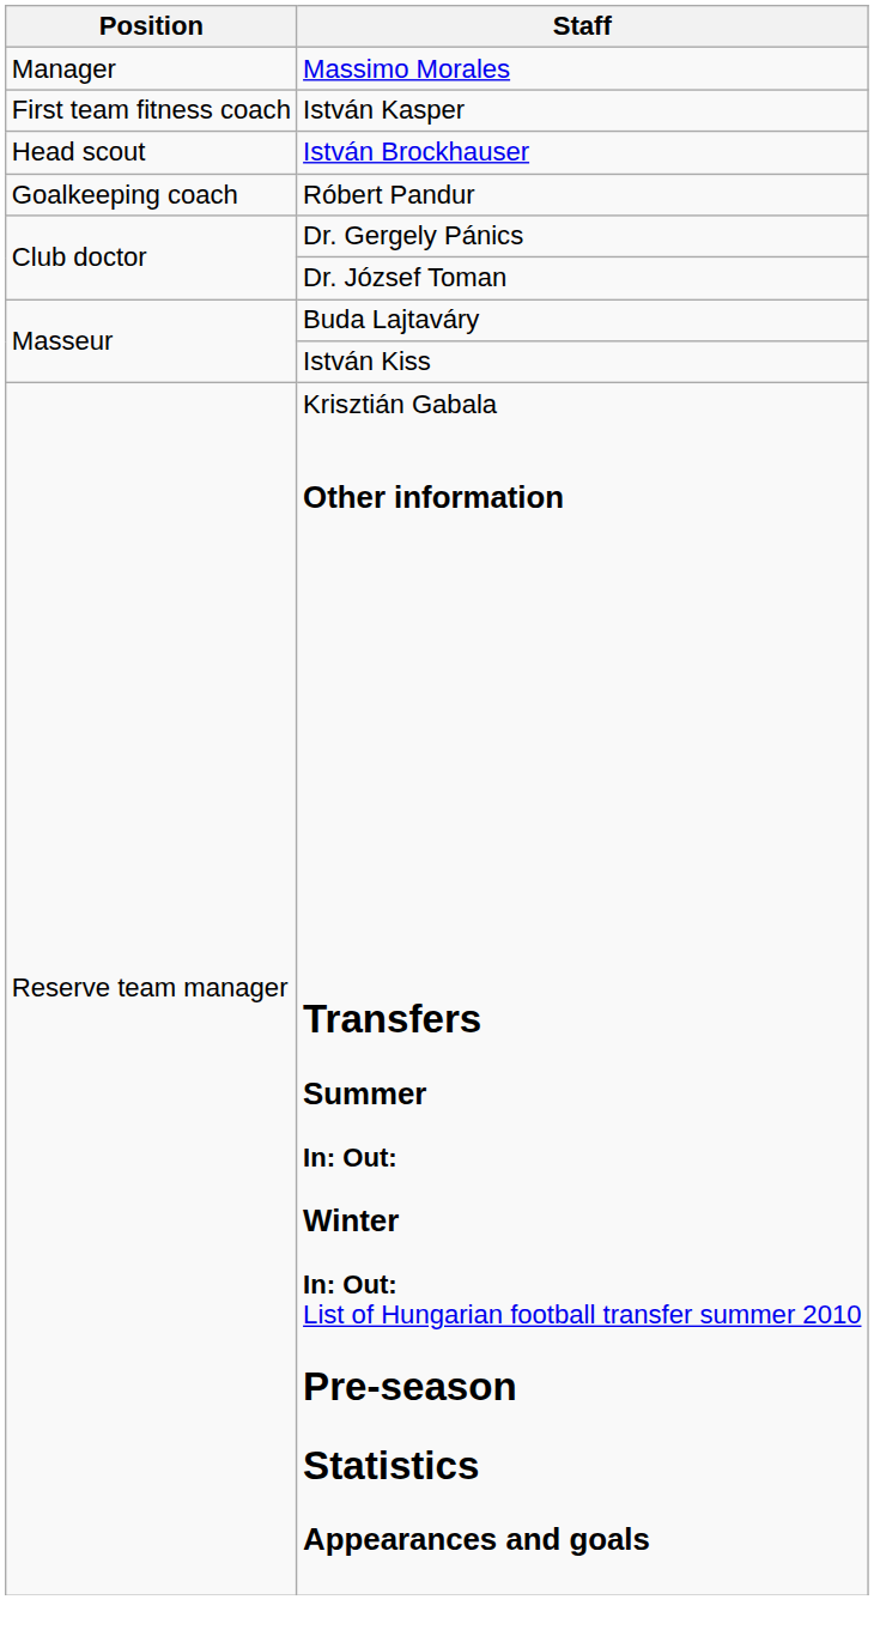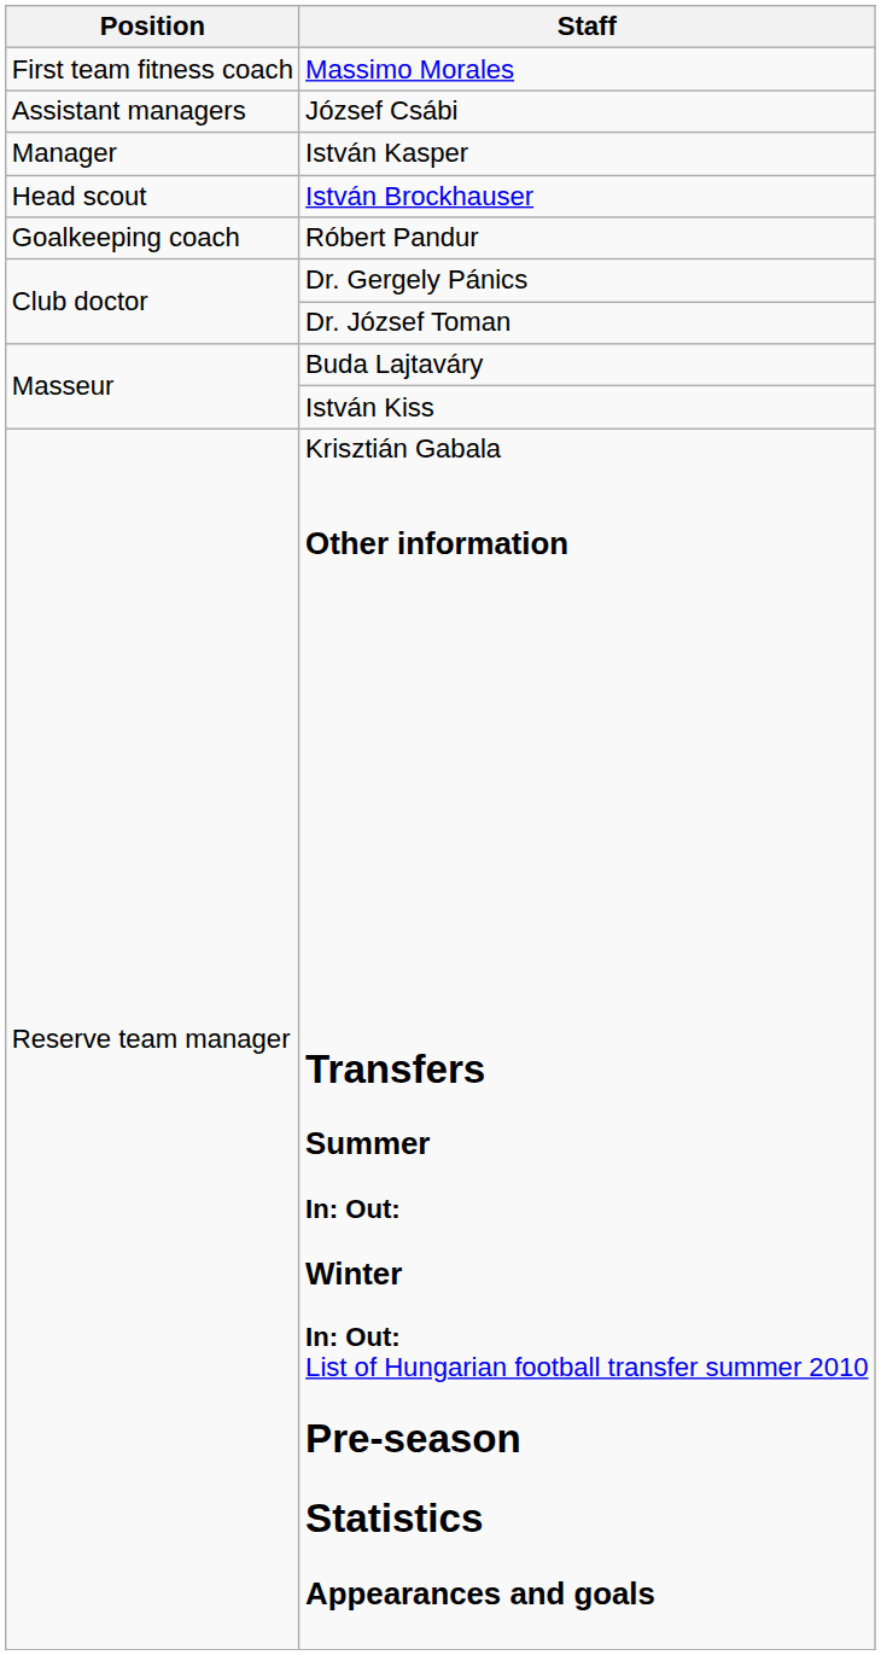 <table class="wikitable">
 <tr>
 <th>Position</th>
 <th>Staff</th>
 </tr>
 <tr>
-<td>Manager</td>
+<td>First team fitness coach</td>
 <td> <a href='#'>Massimo Morales</a></td>
 </tr>
 <tr>
-<td>First team fitness coach</td>
+<td rowspan="1">Assistant managers</td>
+<td> József Csábi</td>
+</tr>
+<tr>
+<td>Manager</td>
 <td> István Kasper</td>
 </tr>
 <tr>
 <td>Head scout</td>
 <td> <a href='#'>István Brockhauser</a></td>
 </tr>
 <tr>
 <td>Goalkeeping coach</td>
 <td> Róbert Pandur</td>
 </tr>
 <tr>
 <td rowspan="2">Club doctor</td>
 <td> Dr. Gergely Pánics</td>
 </tr>
 <tr>
 <td> Dr. József Toman</td>
 </tr>
 <tr>
 <td rowspan="2">Masseur</td>
 <td> Buda Lajtaváry</td>
 </tr>
 <tr>
 <td> István Kiss</td>
 </tr>
 <tr>
 <td>Reserve team manager</td>
 <td> Krisztián Gabala<br><br><h3>Other information</h3><br><br><br><br><br><br><br><br><br><br><br><br><br><br><h2>Transfers</h2><h3>Summer</h3>   <strong>In:</strong>            <strong>Out:</strong>             <h3>Winter</h3>   <strong>In:</strong>           <strong>Out:</strong>              <br><a href='#'>List of Hungarian football transfer summer 2010</a><h2>Pre-season</h2><h2>Statistics</h2><h3>Appearances and goals</h3>                                               </td>
 </tr>
 </table>
